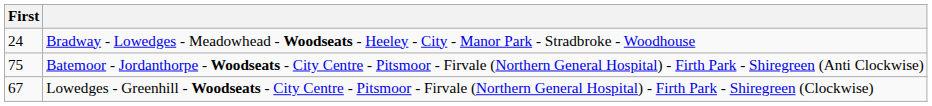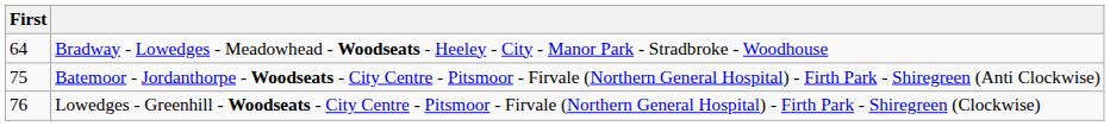 <table class="wikitable">
 <tr>
 <th>First</th>
 <th></th>
 </tr>
 <tr>
-<td>24</td>
+<td>64</td>
 <td><a href='#'>Bradway</a> - <a href='#'>Lowedges</a> - Meadowhead - <strong>Woodseats</strong> - <a href='#'>Heeley</a> - <a href='#'>City</a> - <a href='#'>Manor Park</a> - Stradbroke - <a href='#'>Woodhouse</a></td>
 </tr>
 <tr>
 <td>75</td>
 <td><a href='#'>Batemoor</a> - <a href='#'>Jordanthorpe</a> - <strong>Woodseats</strong> - <a href='#'>City Centre</a> - <a href='#'>Pitsmoor</a> - Firvale (<a href='#'>Northern General Hospital</a>) -  <a href='#'>Firth Park</a> - <a href='#'>Shiregreen</a> (Anti Clockwise)</td>
 </tr>
 <tr>
-<td>67</td>
+<td>76</td>
 <td>Lowedges - Greenhill - <strong>Woodseats</strong> - <a href='#'>City Centre</a> - <a href='#'>Pitsmoor</a> - Firvale (<a href='#'>Northern General Hospital</a>) -  <a href='#'>Firth Park</a> - <a href='#'>Shiregreen</a> (Clockwise)</td>
 </tr>
 </table>
